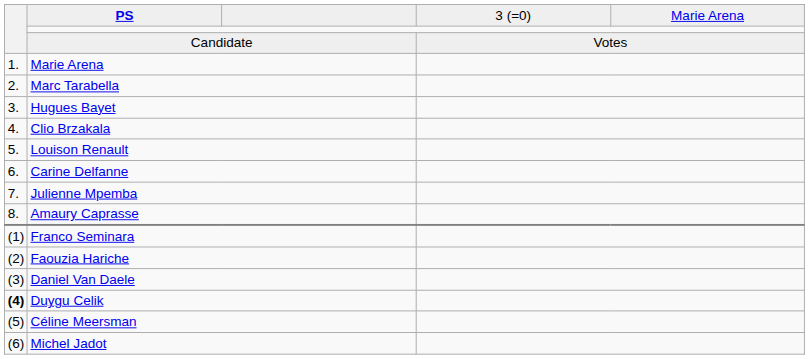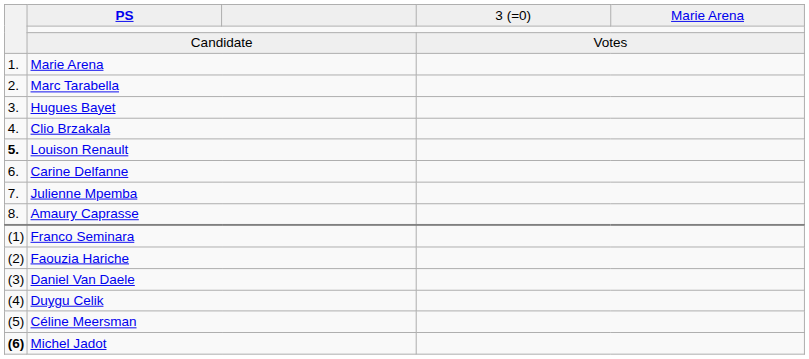 <table class="wikitable collapsible collapsed" style=text-align:left;font-size:90%>
 <tr>
 <th rowspan=3></th>
 <td bgcolor=efefef width=200 align=center><strong> <a href='#'>PS</a></strong></td>
 <td bgcolor=efefef width=200 align=center></td>
 <td bgcolor=efefef width=200 align=center>3 (=0)</td>
 <td bgcolor=efefef width=200 align=center><a href='#'>Marie Arena</a></td>
 </tr>
 <tr>
 <td colspan=4 bgcolor=></td>
 </tr>
 <tr>
 <td bgcolor=efefef align=center colspan=2>Candidate</td>
 <td bgcolor=efefef align=center colspan=2>Votes</td>
 </tr>
 <tr>
 <td>1.</td>
 <td colspan=2><a href='#'>Marie Arena</a></td>
 <td colspan=2></td>
 </tr>
 <tr>
 <td>2.</td>
 <td colspan=2><a href='#'>Marc Tarabella</a></td>
 <td colspan=2></td>
 </tr>
 <tr>
 <td>3.</td>
 <td colspan=2><a href='#'>Hugues Bayet</a></td>
 <td colspan=2></td>
 </tr>
 <tr>
 <td>4.</td>
 <td colspan=2><a href='#'>Clio Brzakala</a></td>
 <td colspan=2></td>
 </tr>
 <tr>
-<td>5.</td>
+<td><strong>5.</strong></td>
 <td colspan=2><a href='#'>Louison Renault</a></td>
 <td colspan=2></td>
 </tr>
 <tr>
 <td>6.</td>
 <td colspan=2><a href='#'>Carine Delfanne</a></td>
 <td colspan=2></td>
 </tr>
 <tr>
 <td>7.</td>
 <td colspan=2><a href='#'>Julienne Mpemba</a></td>
 <td colspan=2></td>
 </tr>
 <tr>
 <td>8.</td>
 <td colspan=2><a href='#'>Amaury Caprasse</a></td>
 <td colspan=2></td>
 </tr>
 <tr style="border-top:2px solid gray;">
 <td>(1)</td>
 <td colspan=2><a href='#'>Franco Seminara</a></td>
 <td colspan=2></td>
 </tr>
 <tr>
 <td>(2)</td>
 <td colspan=2><a href='#'>Faouzia Hariche</a></td>
 <td colspan=2></td>
 </tr>
 <tr>
 <td>(3)</td>
 <td colspan=2><a href='#'>Daniel Van Daele</a></td>
 <td colspan=2></td>
 </tr>
 <tr>
-<td><strong>(4)</strong></td>
+<td>(4)</td>
 <td colspan=2><a href='#'>Duygu Celik</a></td>
 <td colspan=2></td>
 </tr>
 <tr>
 <td>(5)</td>
 <td colspan=2><a href='#'>Céline Meersman</a></td>
 <td colspan=2></td>
 </tr>
 <tr>
-<td>(6)</td>
+<td><strong>(6)</strong></td>
 <td colspan=2><a href='#'>Michel Jadot</a></td>
 <td colspan=2></td>
 </tr>
 </table>
